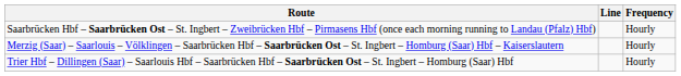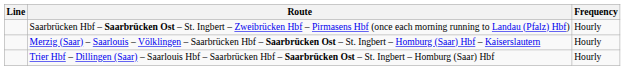 <table class="wikitable">
 <tr>
+<th>Line</th>
 <th>Route</th>
-<th>Line</th>
 <th>Frequency</th>
 </tr>
 <tr>
+<td></td>
 <td>Saarbrücken Hbf – <strong>Saarbrücken Ost</strong> – St. Ingbert – <a href='#'>Zweibrücken Hbf</a> – <a href='#'>Pirmasens Hbf</a> (once each morning running to <a href='#'>Landau (Pfalz) Hbf</a>)</td>
-<td></td>
 <td>Hourly</td>
 </tr>
 <tr>
+<td align="center"></td>
 <td><a href='#'>Merzig (Saar)</a> – <a href='#'>Saarlouis</a> – <a href='#'>Völklingen</a> – Saarbrücken Hbf – <strong>Saarbrücken Ost</strong> – St. Ingbert – <a href='#'>Homburg (Saar) Hbf</a> – <a href='#'>Kaiserslautern</a></td>
-<td align="center"></td>
 <td>Hourly</td>
 </tr>
 <tr>
+<td></td>
 <td><a href='#'>Trier Hbf</a> – <a href='#'>Dillingen (Saar)</a> – Saarlouis Hbf – Saarbrücken Hbf – <strong>Saarbrücken Ost</strong> – St. Ingbert – Homburg (Saar) Hbf</td>
-<td></td>
 <td>Hourly</td>
 </tr>
 </table>
